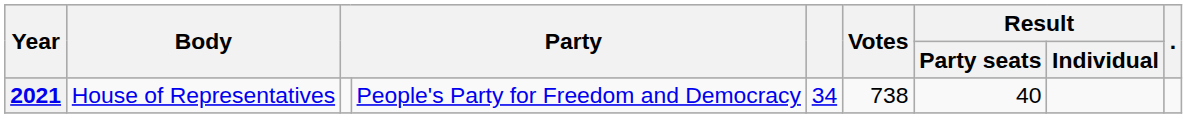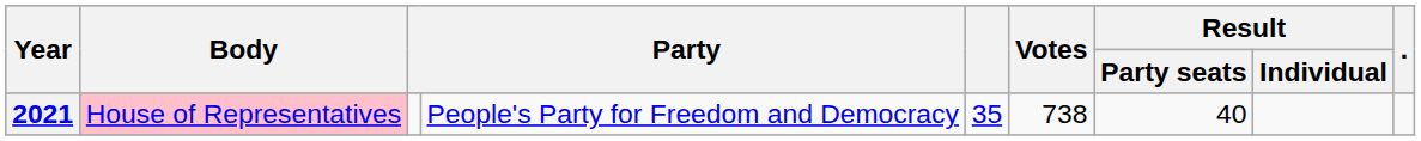 <table class="wikitable plainrowheaders sortable" border=2 cellpadding=4 cellspacing=0 style="border: 1px #aaa solid; font-size: 90%; text-align:center;">
 <tr>
 <th scope="col" rowspan=2>Year</th>
 <th scope="col" rowspan=2>Body</th>
 <th scope="col" colspan=2 rowspan=2>Party</th>
 <th scope="col" rowspan=2></th>
 <th scope="col" rowspan=2>Votes</th>
 <th scope="colgroup" colspan=2>Result</th>
 <th scope="col" rowspan=2 class="unsortable">.</th>
 </tr>
 <tr>
 <th scope="col">Party seats</th>
 <th scope="col">Individual</th>
 </tr>
 <tr>
 <th scope="row"><a href='#'>2021</a></th>
-<td><a href='#'>House of Representatives</a></td>
+<td style="background: pink;"><a href='#'>House of Representatives</a></td>
 <td style="background-color:"></td>
 <td><a href='#'>People's Party for Freedom and Democracy</a></td>
-<td style=text-align:right><a href='#'>34</a></td>
+<td style=text-align:right><a href='#'>35</a></td>
 <td style=text-align:right>738</td>
 <td style=text-align:right>40</td>
 <td></td>
 <td></td>
 </tr>
 </table>
